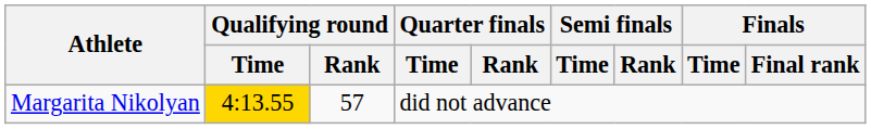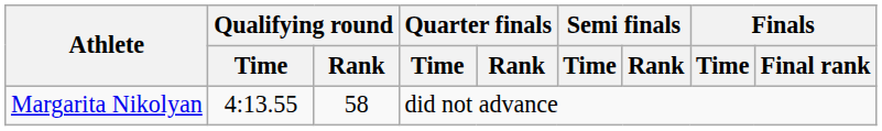 <table class="wikitable" style="font-size:90%">
 <tr>
 <th rowspan="2">Athlete</th>
 <th colspan="2">Qualifying round</th>
 <th colspan="2">Quarter finals</th>
 <th colspan="2">Semi finals</th>
 <th colspan="2">Finals</th>
 </tr>
 <tr>
 <th>Time</th>
 <th>Rank</th>
 <th>Time</th>
 <th>Rank</th>
 <th>Time</th>
 <th>Rank</th>
 <th>Time</th>
 <th>Final rank</th>
 </tr>
 <tr>
 <td><a href='#'>Margarita Nikolyan</a></td>
-<td align="center" style="background: gold;">4:13.55</td>
-<td align="center">57</td>
+<td align="center">4:13.55</td>
+<td align="center">58</td>
 <td colspan="6">did not advance</td>
 </tr>
 </table>
